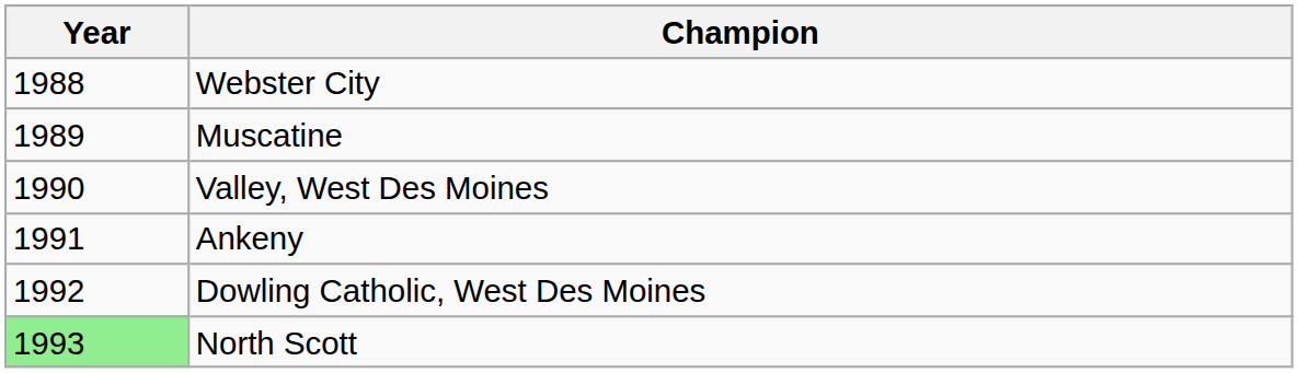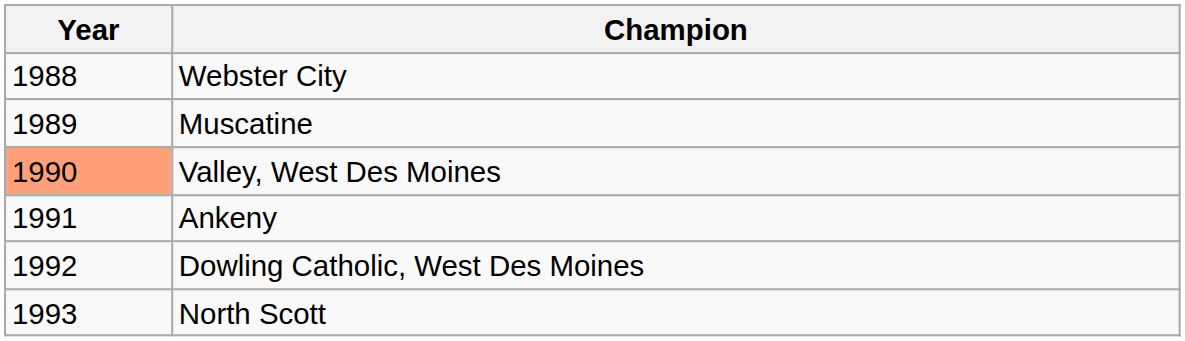 <table class="wikitable collapsible collapsed" style="font-size:88%; min-width:40em">
 <tr>
 <th>Year</th>
 <th>Champion</th>
 </tr>
 <tr>
 <td>1988</td>
 <td>Webster City</td>
 </tr>
 <tr>
 <td>1989</td>
 <td>Muscatine</td>
 </tr>
 <tr>
-<td>1990</td>
+<td style="background: lightsalmon;">1990</td>
 <td>Valley, West Des Moines</td>
 </tr>
 <tr>
 <td>1991</td>
 <td>Ankeny</td>
 </tr>
 <tr>
 <td>1992</td>
 <td>Dowling Catholic, West Des Moines</td>
 </tr>
 <tr>
-<td style="background: lightgreen;">1993</td>
+<td>1993</td>
 <td>North Scott</td>
 </tr>
 </table>
